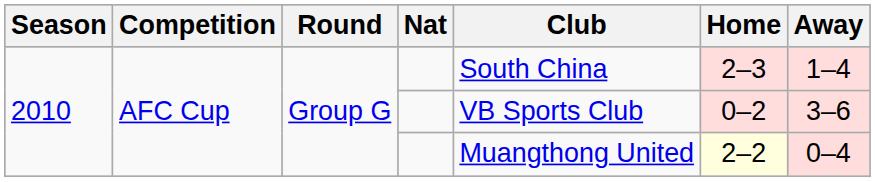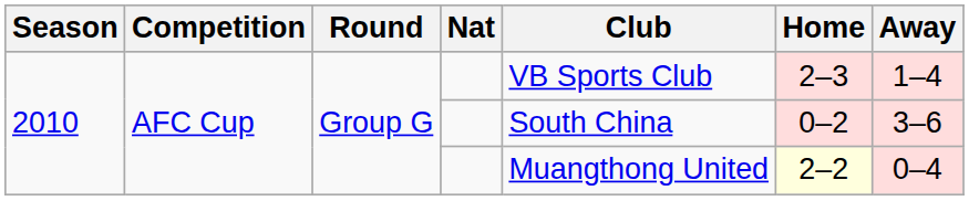 <table class="wikitable">
 <tr>
 <th>Season</th>
 <th>Competition</th>
 <th>Round</th>
 <th>Nat</th>
 <th>Club</th>
 <th>Home</th>
 <th>Away</th>
 </tr>
 <tr>
 <td rowspan="3"><a href='#'>2010</a></td>
 <td rowspan="3"><a href='#'>AFC Cup</a></td>
 <td rowspan="3"><a href='#'>Group G</a></td>
 <td></td>
-<td><a href='#'>South China</a></td>
+<td><a href='#'>VB Sports Club</a></td>
 <td style="text-align:center; background:#fdd;">2–3</td>
 <td style="text-align:center; background:#fdd;">1–4</td>
 </tr>
 <tr>
 <td></td>
-<td><a href='#'>VB Sports Club</a></td>
+<td><a href='#'>South China</a></td>
 <td style="text-align:center; background:#fdd;">0–2</td>
 <td style="text-align:center; background:#fdd;">3–6</td>
 </tr>
 <tr>
 <td></td>
 <td><a href='#'>Muangthong United</a></td>
 <td style="text-align:center; background:#ffd;">2–2</td>
 <td style="text-align:center; background:#fdd;">0–4</td>
 </tr>
 </table>
